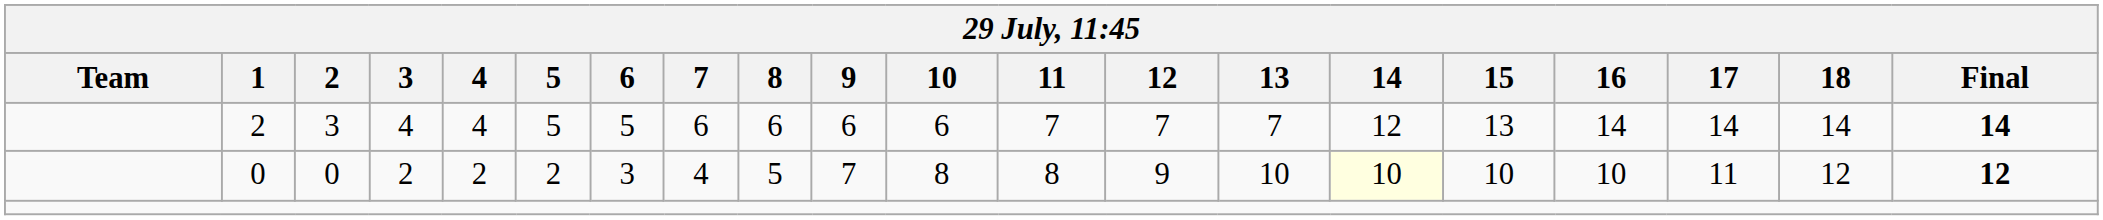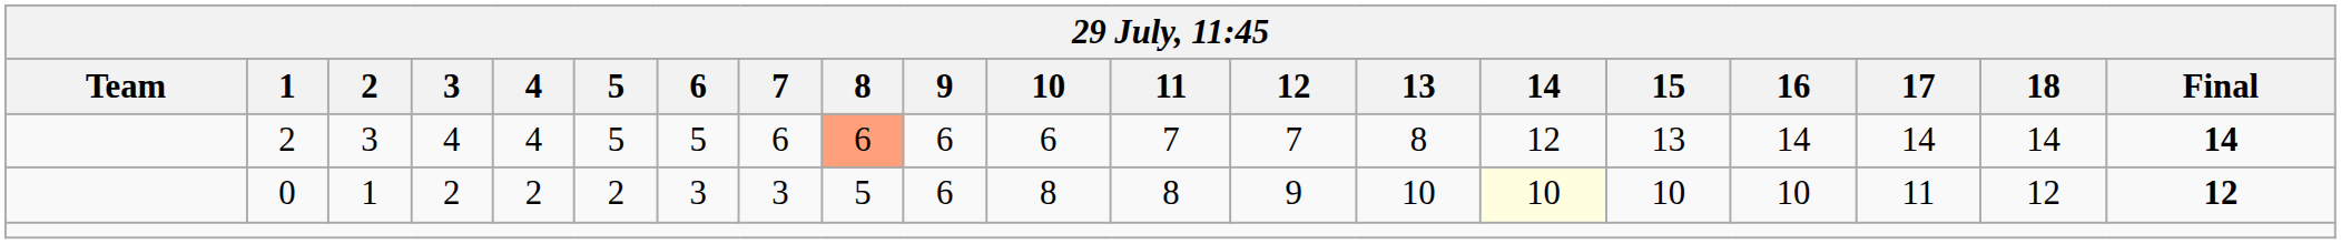 <table class=wikitable style="text-align:center; width: 55%">
 <tr>
 <th colspan=20><em>29 July, 11:45</em></th>
 </tr>
 <tr>
 <th>Team</th>
 <th>1</th>
 <th>2</th>
 <th>3</th>
 <th>4</th>
 <th>5</th>
 <th>6</th>
 <th>7</th>
 <th>8</th>
 <th>9</th>
 <th>10</th>
 <th>11</th>
 <th>12</th>
 <th>13</th>
 <th>14</th>
 <th>15</th>
 <th>16</th>
 <th>17</th>
 <th>18</th>
 <th>Final</th>
 </tr>
 <tr>
 <td align=left><strong></strong></td>
 <td>2</td>
 <td>3</td>
 <td>4</td>
 <td>4</td>
 <td>5</td>
 <td>5</td>
 <td>6</td>
-<td>6</td>
+<td style="background: lightsalmon;">6</td>
 <td>6</td>
 <td>6</td>
 <td>7</td>
 <td>7</td>
-<td>7</td>
+<td>8</td>
 <td>12</td>
 <td>13</td>
 <td>14</td>
 <td>14</td>
 <td>14</td>
 <td><strong>14</strong></td>
 </tr>
 <tr>
 <td align=left></td>
 <td>0</td>
-<td>0</td>
+<td>1</td>
 <td>2</td>
 <td>2</td>
 <td>2</td>
 <td>3</td>
-<td>4</td>
+<td>3</td>
 <td>5</td>
-<td>7</td>
+<td>6</td>
 <td>8</td>
 <td>8</td>
 <td>9</td>
 <td>10</td>
 <td style="background: lightyellow;">10</td>
 <td>10</td>
 <td>10</td>
 <td>11</td>
 <td>12</td>
 <td><strong>12</strong></td>
 </tr>
 <tr>
 <td colspan=20></td>
 </tr>
 </table>
